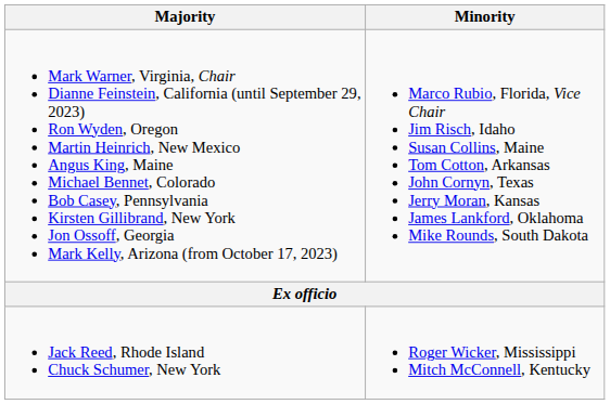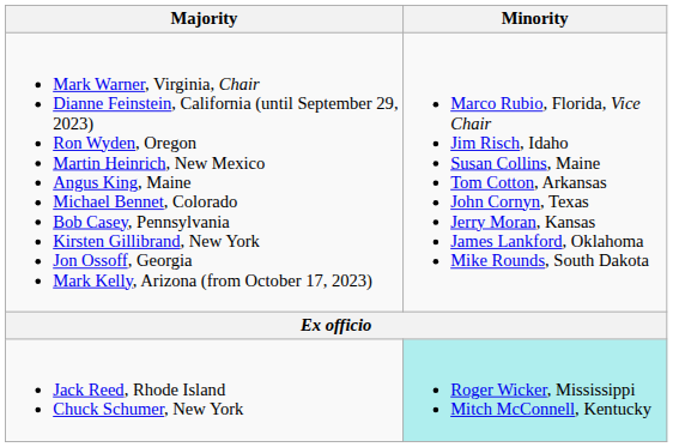 <table class=wikitable>
 <tr>
 <th>Majority</th>
 <th>Minority</th>
 </tr>
 <tr>
 <td><br><ul><li><a href='#'>Mark Warner</a>, Virginia, <em>Chair</em></li><li><a href='#'>Dianne Feinstein</a>, California (until September 29, 2023)</li><li><a href='#'>Ron Wyden</a>, Oregon</li><li><a href='#'>Martin Heinrich</a>, New Mexico</li><li><span><a href='#'>Angus King</a>, Maine</span></li><li><a href='#'>Michael Bennet</a>, Colorado</li><li><a href='#'>Bob Casey</a>, Pennsylvania</li><li><a href='#'>Kirsten Gillibrand</a>, New York</li><li><a href='#'>Jon Ossoff</a>, Georgia</li><li><a href='#'>Mark Kelly</a>, Arizona (from October 17, 2023)</li></ul></td>
 <td><br><ul><li><a href='#'>Marco Rubio</a>, Florida, <em>Vice Chair</em></li><li><a href='#'>Jim Risch</a>, Idaho</li><li><a href='#'>Susan Collins</a>, Maine</li><li><a href='#'>Tom Cotton</a>, Arkansas</li><li><a href='#'>John Cornyn</a>, Texas</li><li><a href='#'>Jerry Moran</a>, Kansas</li><li><a href='#'>James Lankford</a>, Oklahoma</li><li><a href='#'>Mike Rounds</a>, South Dakota</li></ul></td>
 </tr>
 <tr>
 <th colspan=2><em>Ex officio</em></th>
 </tr>
 <tr>
 <td><br><ul><li><a href='#'>Jack Reed</a>, Rhode Island</li><li><a href='#'>Chuck Schumer</a>, New York</li></ul></td>
-<td><br><ul><li><a href='#'>Roger Wicker</a>, Mississippi</li><li><a href='#'>Mitch McConnell</a>, Kentucky</li></ul></td>
+<td style="background: paleturquoise;"><br><ul><li><a href='#'>Roger Wicker</a>, Mississippi</li><li><a href='#'>Mitch McConnell</a>, Kentucky</li></ul></td>
 </tr>
 </table>
